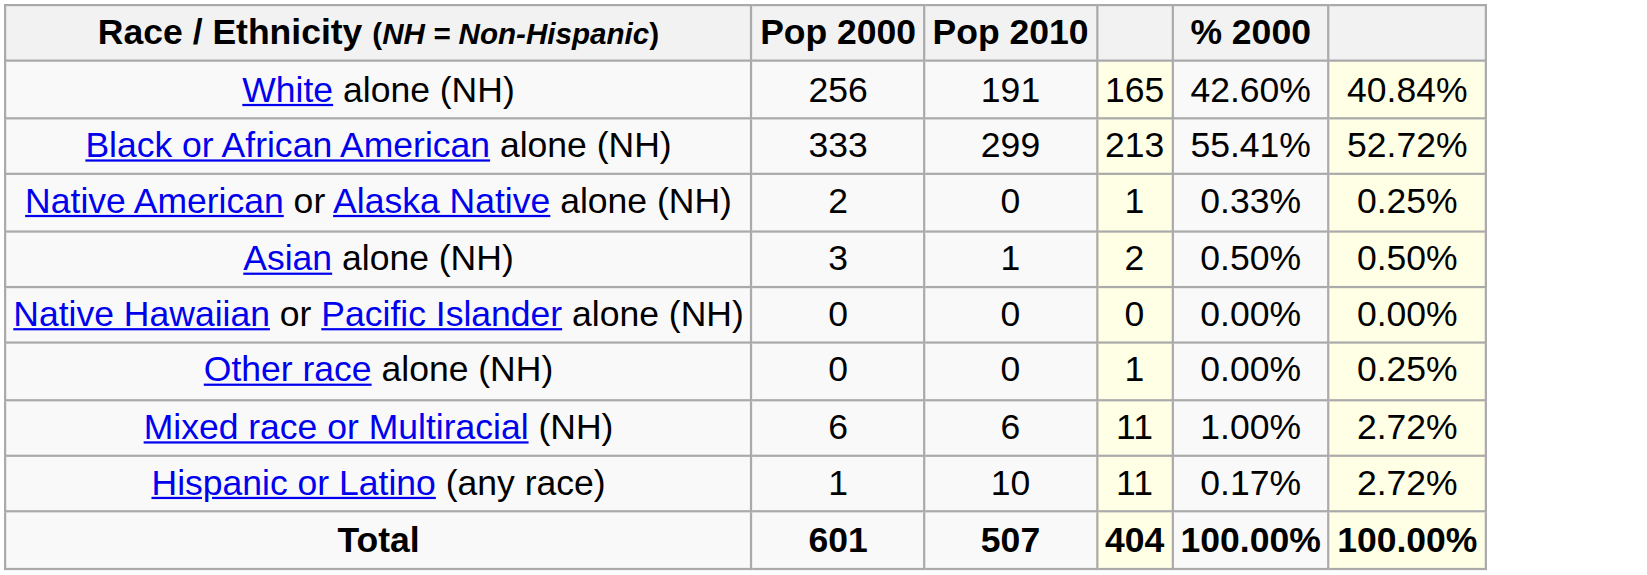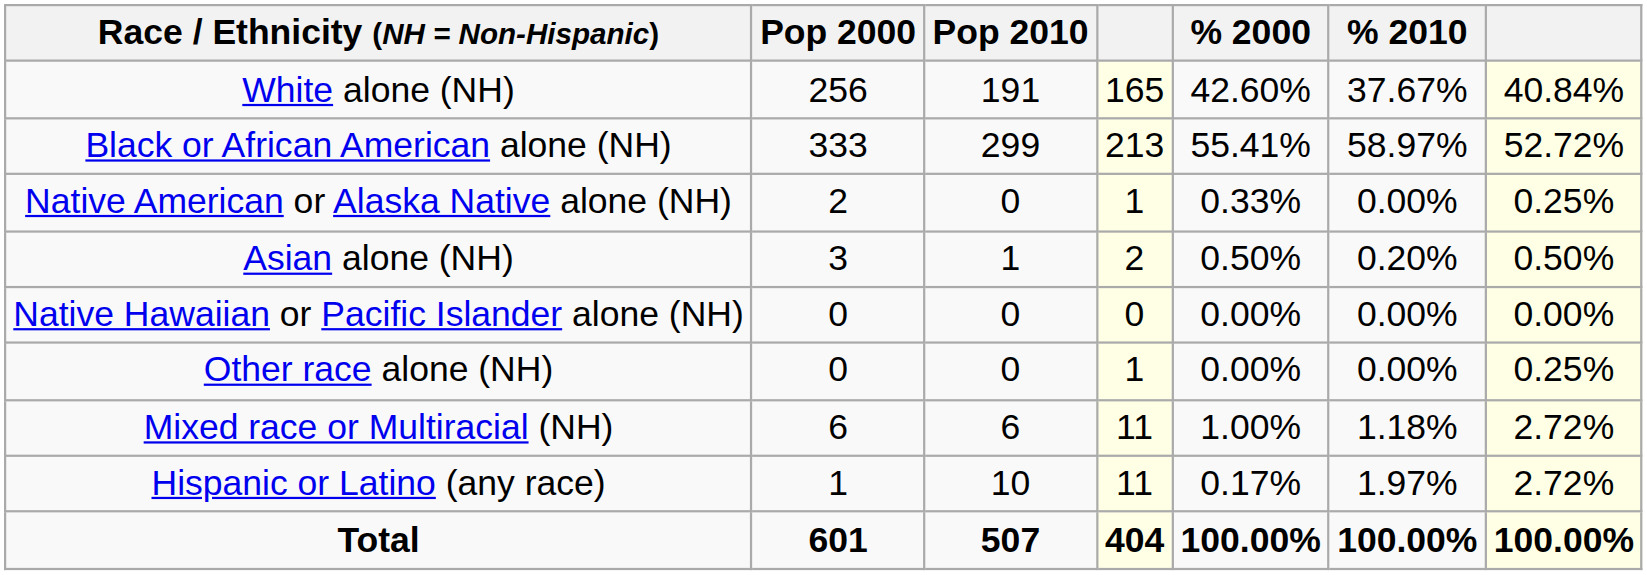 <table class="wikitable" style="text-align:center;">
 <tr>
 <th>Race / Ethnicity <small>(<em>NH = Non-Hispanic</em>)</small></th>
 <th>Pop 2000</th>
 <th>Pop 2010</th>
 <th></th>
 <th>% 2000</th>
+<th>% 2010</th>
 <th></th>
 </tr>
 <tr>
 <td><a href='#'>White</a> alone (NH)</td>
 <td>256</td>
 <td>191</td>
 <td style='background: #ffffe6;'>165</td>
 <td>42.60%</td>
+<td>37.67%</td>
 <td style='background: #ffffe6;'>40.84%</td>
 </tr>
 <tr>
 <td><a href='#'>Black or African American</a> alone (NH)</td>
 <td>333</td>
 <td>299</td>
 <td style='background: #ffffe6;'>213</td>
 <td>55.41%</td>
+<td>58.97%</td>
 <td style='background: #ffffe6;'>52.72%</td>
 </tr>
 <tr>
 <td><a href='#'>Native American</a> or <a href='#'>Alaska Native</a> alone (NH)</td>
 <td>2</td>
 <td>0</td>
 <td style='background: #ffffe6;'>1</td>
 <td>0.33%</td>
+<td>0.00%</td>
 <td style='background: #ffffe6;'>0.25%</td>
 </tr>
 <tr>
 <td><a href='#'>Asian</a> alone (NH)</td>
 <td>3</td>
 <td>1</td>
 <td style='background: #ffffe6;'>2</td>
 <td>0.50%</td>
+<td>0.20%</td>
 <td style='background: #ffffe6;'>0.50%</td>
 </tr>
 <tr>
 <td><a href='#'>Native Hawaiian</a> or <a href='#'>Pacific Islander</a> alone (NH)</td>
 <td>0</td>
 <td>0</td>
 <td style='background: #ffffe6;'>0</td>
+<td>0.00%</td>
 <td>0.00%</td>
 <td style='background: #ffffe6;'>0.00%</td>
 </tr>
 <tr>
 <td><a href='#'>Other race</a> alone (NH)</td>
 <td>0</td>
 <td>0</td>
 <td style='background: #ffffe6;'>1</td>
 <td>0.00%</td>
+<td>0.00%</td>
 <td style='background: #ffffe6;'>0.25%</td>
 </tr>
 <tr>
 <td><a href='#'>Mixed race or Multiracial</a> (NH)</td>
 <td>6</td>
 <td>6</td>
 <td style='background: #ffffe6;'>11</td>
 <td>1.00%</td>
+<td>1.18%</td>
 <td style='background: #ffffe6;'>2.72%</td>
 </tr>
 <tr>
 <td><a href='#'>Hispanic or Latino</a> (any race)</td>
 <td>1</td>
 <td>10</td>
 <td style='background: #ffffe6;'>11</td>
 <td>0.17%</td>
+<td>1.97%</td>
 <td style='background: #ffffe6;'>2.72%</td>
 </tr>
 <tr>
 <td><strong>Total</strong></td>
 <td><strong>601</strong></td>
 <td><strong>507</strong></td>
 <td style='background: #ffffe6;'><strong>404</strong></td>
 <td><strong>100.00%</strong></td>
+<td><strong>100.00%</strong></td>
 <td style='background: #ffffe6;'><strong>100.00%</strong></td>
 </tr>
 </table>
